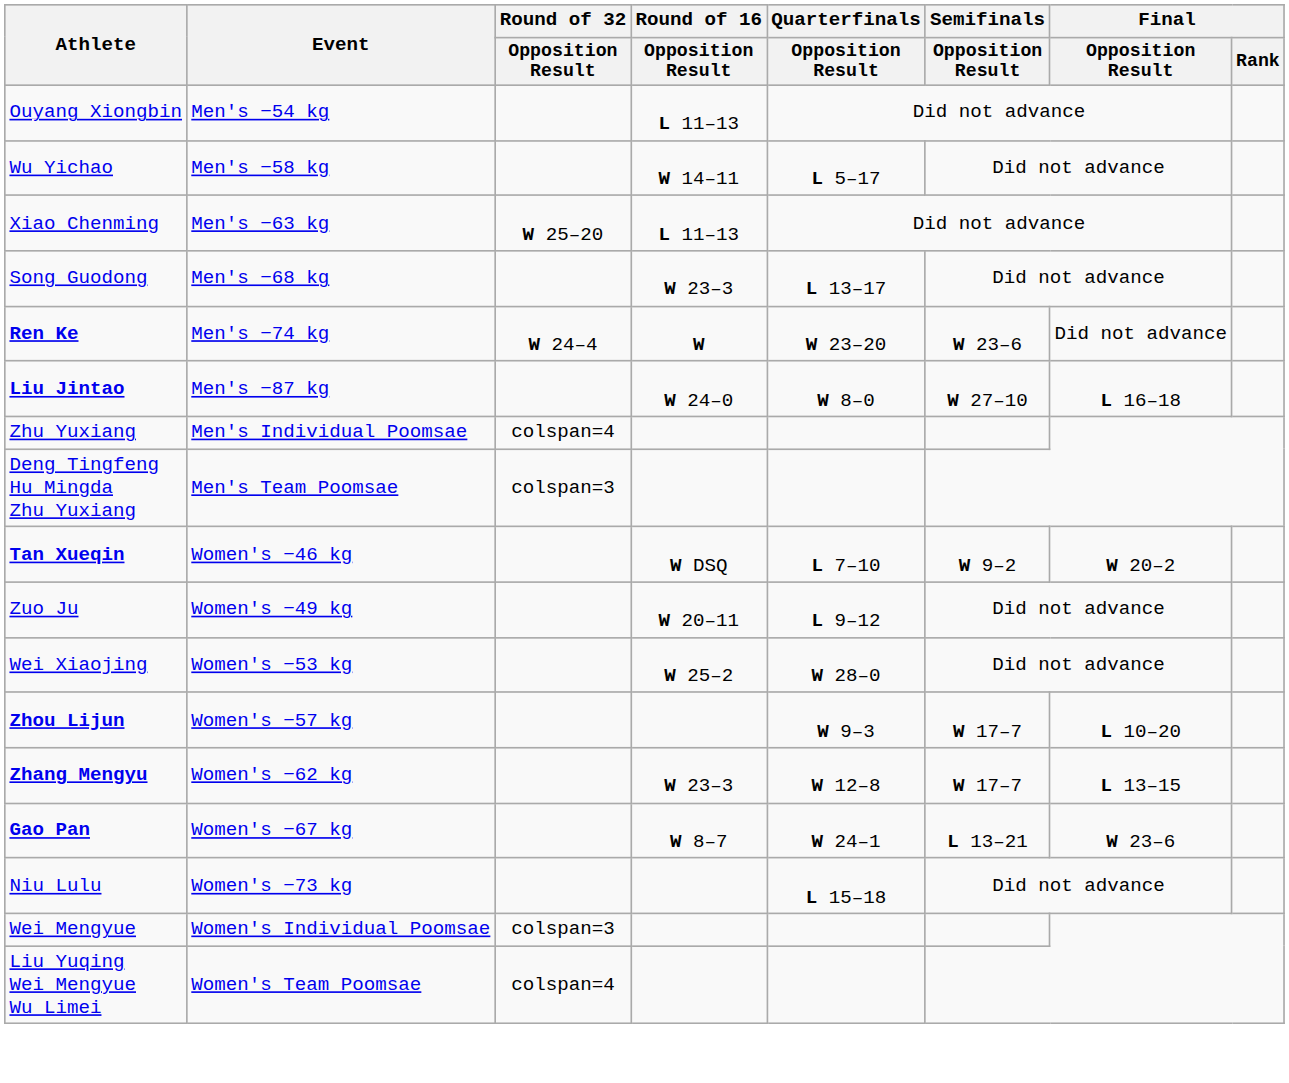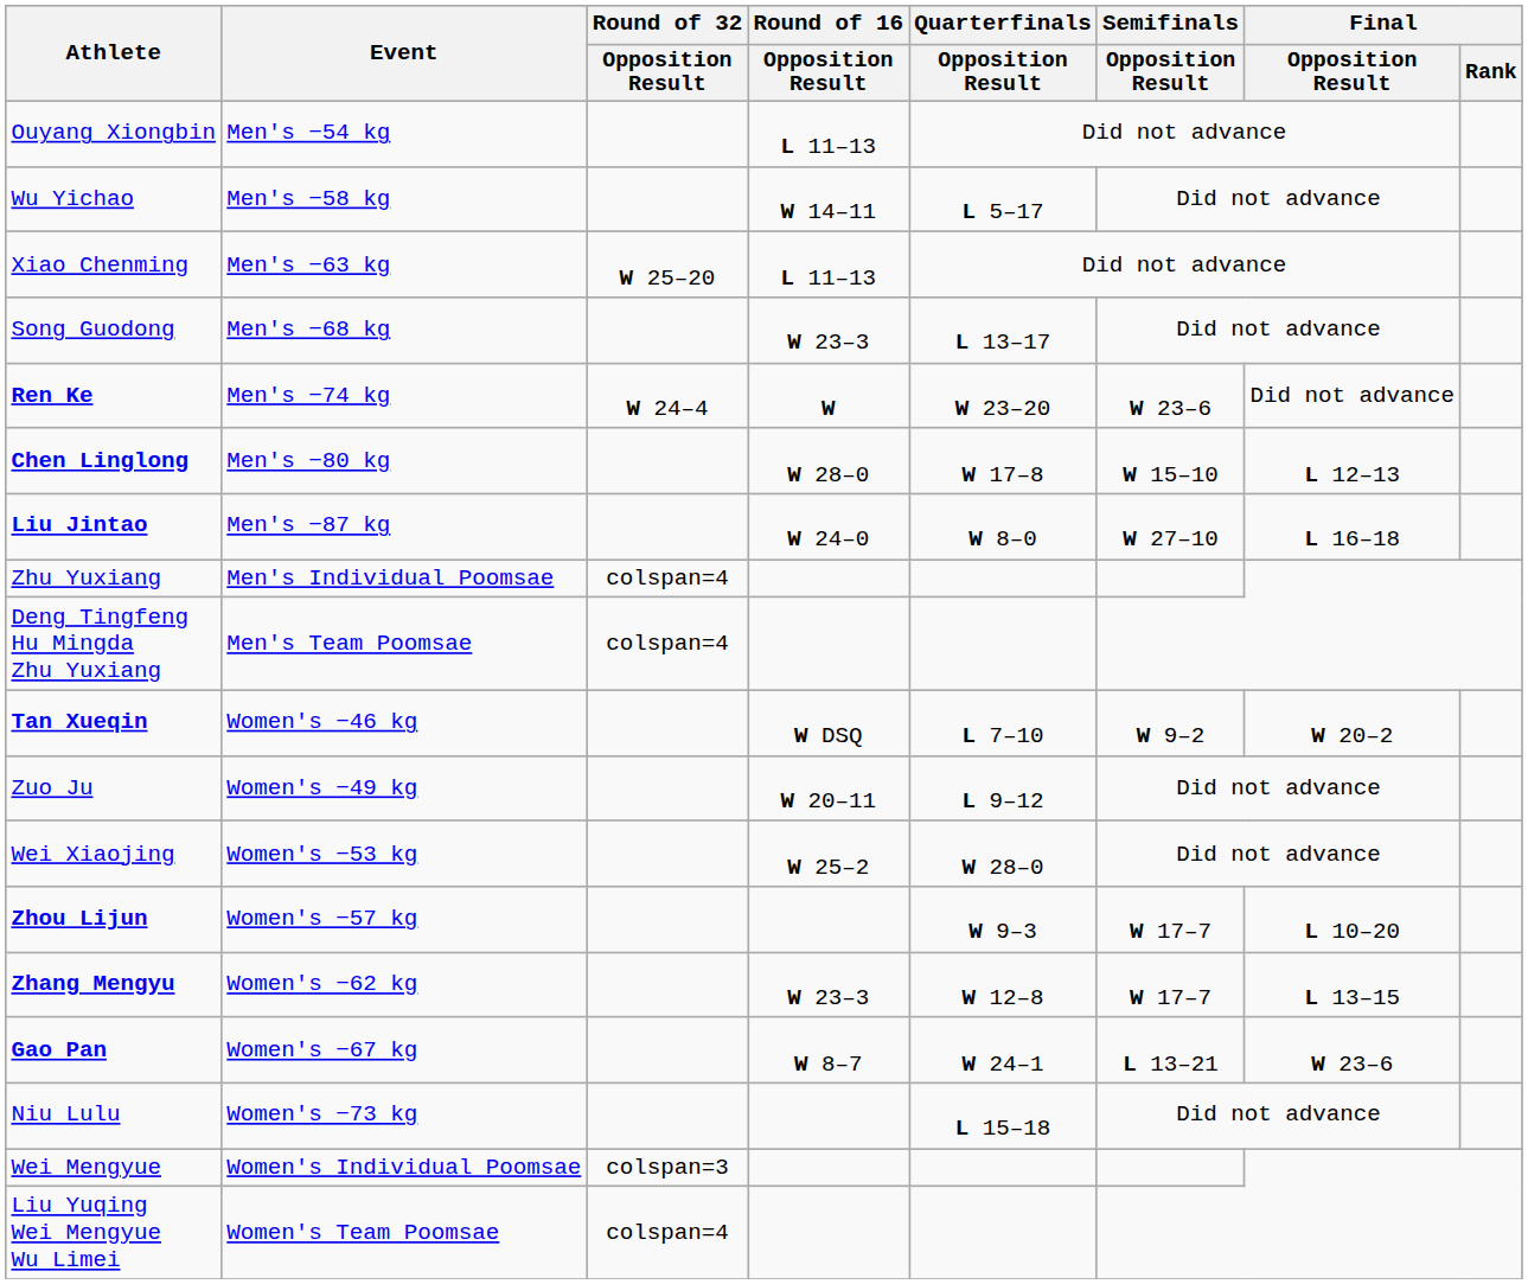 <table class="wikitable" style="font-size:90%;">
 <tr>
 <th rowspan=2>Athlete</th>
 <th rowspan=2>Event</th>
 <th>Round of 32</th>
 <th>Round of 16</th>
 <th>Quarterfinals</th>
 <th>Semifinals</th>
 <th colspan=2>Final</th>
 </tr>
 <tr style="font-size:95%">
 <th>Opposition<br>Result</th>
 <th>Opposition<br>Result</th>
 <th>Opposition<br>Result</th>
 <th>Opposition<br>Result</th>
 <th>Opposition<br>Result</th>
 <th>Rank</th>
 </tr>
 <tr align=center>
 <td align=left><a href='#'>Ouyang Xiongbin</a></td>
 <td align=left><a href='#'>Men's −54 kg</a></td>
 <td></td>
 <td><br><strong>L</strong> 11–13</td>
 <td colspan=3>Did not advance</td>
 <td></td>
 </tr>
 <tr align=center>
 <td align=left><a href='#'>Wu Yichao</a></td>
 <td align=left><a href='#'>Men's −58 kg</a></td>
 <td></td>
 <td><br><strong>W</strong> 14–11</td>
 <td><br><strong>L</strong> 5–17</td>
 <td colspan=2>Did not advance</td>
 <td></td>
 </tr>
 <tr align=center>
 <td align=left><a href='#'>Xiao Chenming</a></td>
 <td align=left><a href='#'>Men's −63 kg</a></td>
 <td><br><strong>W</strong> 25–20</td>
 <td><br><strong>L</strong> 11–13</td>
 <td colspan=3>Did not advance</td>
 <td></td>
 </tr>
 <tr align=center>
 <td align=left><a href='#'>Song Guodong</a></td>
 <td align=left><a href='#'>Men's −68 kg</a></td>
 <td></td>
 <td><br><strong>W</strong> 23–3</td>
 <td><br><strong>L</strong> 13–17</td>
 <td colspan=2>Did not advance</td>
 <td></td>
 </tr>
 <tr align=center>
 <td align=left><strong><a href='#'>Ren Ke</a></strong></td>
 <td align=left><a href='#'>Men's −74 kg</a></td>
 <td><br><strong>W</strong> 24–4</td>
 <td><br><strong>W</strong> </td>
 <td><br><strong>W</strong> 23–20</td>
 <td><br><strong>W</strong> 23–6</td>
 <td colspan=1>Did not advance</td>
 <td></td>
 </tr>
 <tr align=center>
+<td align=left><strong><a href='#'>Chen Linglong</a></strong></td>
+<td align=left><a href='#'>Men's −80 kg</a></td>
+<td></td>
+<td><br><strong>W</strong> 28–0</td>
+<td><br><strong>W</strong> 17–8</td>
+<td><br><strong>W</strong> 15–10</td>
+<td><br><strong>L</strong> 12–13</td>
+<td></td>
+</tr>
+<tr align=center>
 <td align=left><strong><a href='#'>Liu Jintao</a></strong></td>
 <td align=left><a href='#'>Men's −87 kg</a></td>
 <td></td>
 <td><br><strong>W</strong> 24–0</td>
 <td><br><strong>W</strong> 8–0</td>
 <td><br><strong>W</strong> 27–10</td>
 <td><br><strong>L</strong> 16–18</td>
 <td></td>
 </tr>
 <tr align=center>
 <td align=left><a href='#'>Zhu Yuxiang</a></td>
 <td align=left><a href='#'>Men's Individual Poomsae</a></td>
 <td>colspan=4 </td>
 <td></td>
 <td></td>
 <td></td>
 </tr>
 <tr align=center>
 <td align=left><a href='#'>Deng Tingfeng</a><br><a href='#'>Hu Mingda</a><br><a href='#'>Zhu Yuxiang</a></td>
 <td align=left><a href='#'>Men's Team Poomsae</a></td>
-<td>colspan=3 </td>
+<td>colspan=4 </td>
 <td></td>
 <td></td>
 </tr>
 <tr align=center>
 <td align=left><strong><a href='#'>Tan Xueqin</a></strong></td>
 <td align=left><a href='#'>Women's −46 kg</a></td>
 <td></td>
 <td><br><strong>W</strong> DSQ</td>
 <td><br><strong>L</strong> 7–10</td>
 <td><br><strong>W</strong> 9–2</td>
 <td><br><strong>W</strong> 20–2</td>
 <td></td>
 </tr>
 <tr align=center>
 <td align=left><a href='#'>Zuo Ju</a></td>
 <td align=left><a href='#'>Women's −49 kg</a></td>
 <td></td>
 <td><br><strong>W</strong> 20–11</td>
 <td><br><strong>L</strong> 9–12</td>
 <td colspan=2>Did not advance</td>
 <td></td>
 </tr>
 <tr align=center>
 <td align=left><a href='#'>Wei Xiaojing</a></td>
 <td align=left><a href='#'>Women's −53 kg</a></td>
 <td></td>
 <td><br><strong>W</strong> 25–2</td>
 <td><br><strong>W</strong> 28–0</td>
 <td colspan=2>Did not advance</td>
 <td></td>
 </tr>
 <tr align=center>
 <td align=left><strong><a href='#'>Zhou Lijun</a></strong></td>
 <td align=left><a href='#'>Women's −57 kg</a></td>
 <td></td>
 <td></td>
 <td><br><strong>W</strong> 9–3</td>
 <td><br><strong>W</strong> 17–7</td>
 <td><br><strong>L</strong> 10–20</td>
 <td></td>
 </tr>
 <tr align=center>
 <td align=left><strong><a href='#'>Zhang Mengyu</a></strong></td>
 <td align=left><a href='#'>Women's −62 kg</a></td>
 <td></td>
 <td><br><strong>W</strong> 23–3</td>
 <td><br><strong>W</strong> 12–8</td>
 <td><br><strong>W</strong> 17–7</td>
 <td><br><strong>L</strong> 13–15</td>
 <td></td>
 </tr>
 <tr align=center>
 <td align=left><strong><a href='#'>Gao Pan</a></strong></td>
 <td align=left><a href='#'>Women's −67 kg</a></td>
 <td></td>
 <td><br><strong>W</strong> 8–7</td>
 <td><br><strong>W</strong> 24–1</td>
 <td><br><strong>L</strong> 13–21</td>
 <td><br><strong>W</strong> 23–6</td>
 <td></td>
 </tr>
 <tr align=center>
 <td align=left><a href='#'>Niu Lulu</a></td>
 <td align=left><a href='#'>Women's −73 kg</a></td>
 <td></td>
 <td></td>
 <td><br><strong>L</strong> 15–18</td>
 <td colspan=2>Did not advance</td>
 <td></td>
 </tr>
 <tr align=center>
 <td align=left><a href='#'>Wei Mengyue</a></td>
 <td align=left><a href='#'>Women's Individual Poomsae</a></td>
 <td>colspan=3 </td>
 <td></td>
 <td></td>
 <td></td>
 </tr>
 <tr align=center>
 <td align=left><a href='#'>Liu Yuqing</a><br><a href='#'>Wei Mengyue</a><br><a href='#'>Wu Limei</a></td>
 <td align=left><a href='#'>Women's Team Poomsae</a></td>
 <td>colspan=4 </td>
 <td></td>
 <td></td>
 </tr>
 </table>
